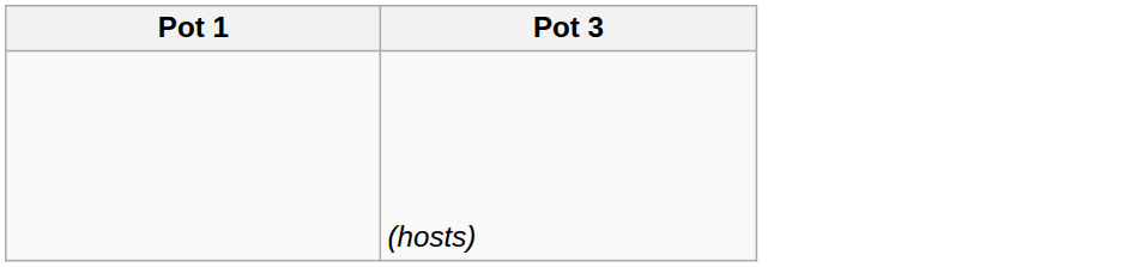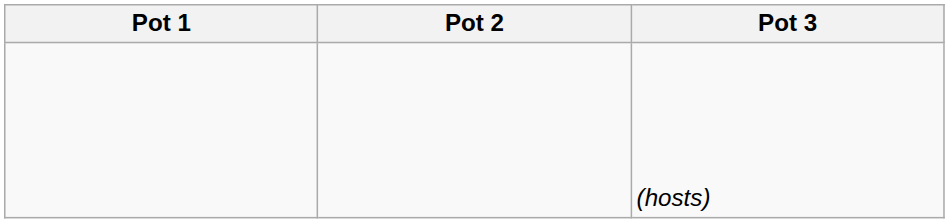 <table class="wikitable">
 <tr>
 <th width=200px>Pot 1</th>
+<th width=200px>Pot 2</th>
 <th width=200px>Pot 3</th>
 </tr>
 <tr>
 <td><br> <br>  <br>  <br> </td>
+<td><br> <br>  <br>  <br> </td>
 <td><br> <br>  <br>  <br>  <br>  <em>(hosts)</em> <br> </td>
 </tr>
 </table>
